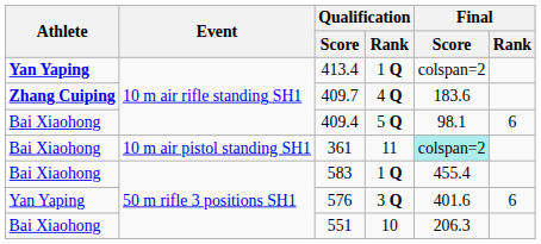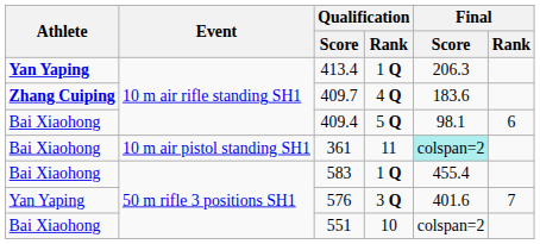 <table class=wikitable>
 <tr>
 <th rowspan="2">Athlete</th>
 <th rowspan="2">Event</th>
 <th colspan="2">Qualification</th>
 <th colspan="2">Final</th>
 </tr>
 <tr>
 <th>Score</th>
 <th>Rank</th>
 <th>Score</th>
 <th>Rank</th>
 </tr>
 <tr align=center>
 <td align=left><strong><a href='#'>Yan Yaping</a></strong></td>
 <td align=left rowspan=3><a href='#'>10 m air rifle standing SH1</a></td>
 <td>413.4</td>
 <td>1 <strong>Q</strong></td>
-<td>colspan=2</td>
+<td>206.3</td>
 <td></td>
 </tr>
 <tr align=center>
 <td align=left><strong><a href='#'>Zhang Cuiping</a></strong></td>
 <td>409.7</td>
 <td>4 <strong>Q</strong></td>
 <td>183.6</td>
 <td></td>
 </tr>
 <tr align=center>
 <td align=left><a href='#'>Bai Xiaohong</a></td>
 <td>409.4</td>
 <td>5 <strong>Q</strong></td>
 <td>98.1</td>
 <td>6</td>
 </tr>
 <tr align=center>
 <td align=left><a href='#'>Bai Xiaohong</a></td>
 <td align=left><a href='#'>10 m air pistol standing SH1</a></td>
 <td>361</td>
 <td>11</td>
 <td style="background: paleturquoise;">colspan=2</td>
 </tr>
 <tr align=center>
 <td align=left><a href='#'>Bai Xiaohong</a></td>
 <td align=left rowspan=3><a href='#'>50 m rifle 3 positions SH1</a></td>
 <td>583</td>
 <td>1 <strong>Q</strong></td>
 <td>455.4</td>
 <td></td>
 </tr>
 <tr align=center>
 <td align=left><a href='#'>Yan Yaping</a></td>
 <td>576</td>
 <td>3 <strong>Q</strong></td>
 <td>401.6</td>
-<td>6</td>
+<td>7</td>
 </tr>
 <tr align=center>
 <td align=left><a href='#'>Bai Xiaohong</a></td>
 <td>551</td>
 <td>10</td>
-<td>206.3</td>
+<td>colspan=2</td>
 </tr>
 </table>
